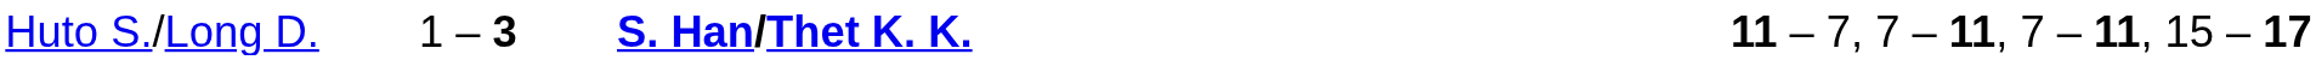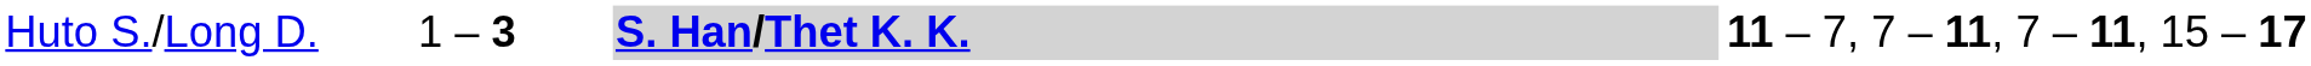 <table>
 <tr>
 <th width=400></th>
 <th width=100></th>
 <th width=400></th>
 </tr>
 <tr>
 <td align=right><a href='#'>Huto S.</a>/<a href='#'>Long D.</a> </td>
 <td align=center>1 – <strong>3</strong></td>
-<td> <strong><a href='#'>S. Han</a>/<a href='#'>Thet K. K.</a></strong></td>
+<td style="background: lightgrey;"> <strong><a href='#'>S. Han</a>/<a href='#'>Thet K. K.</a></strong></td>
 <td><strong>11</strong> – 7, 7 – <strong>11</strong>, 7 – <strong>11</strong>, 15 – <strong>17</strong></td>
 </tr>
 </table>
